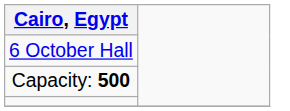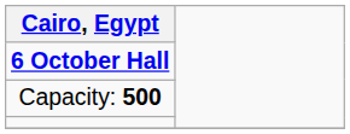 <table class=wikitable style=text-align:center>
 <tr>
 <th colspan="1"><a href='#'>Cairo</a>, <a href='#'>Egypt</a></th>
 <td rowspan=4></td>
 </tr>
 <tr>
-<td width=50%><a href='#'>6 October Hall</a></td>
+<td width=50%><strong><a href='#'>6 October Hall</a></strong></td>
 </tr>
 <tr>
 <td>Capacity: <strong>500</strong></td>
 </tr>
 <tr>
 <td></td>
 </tr>
 <tr>
 </tr>
 </table>
